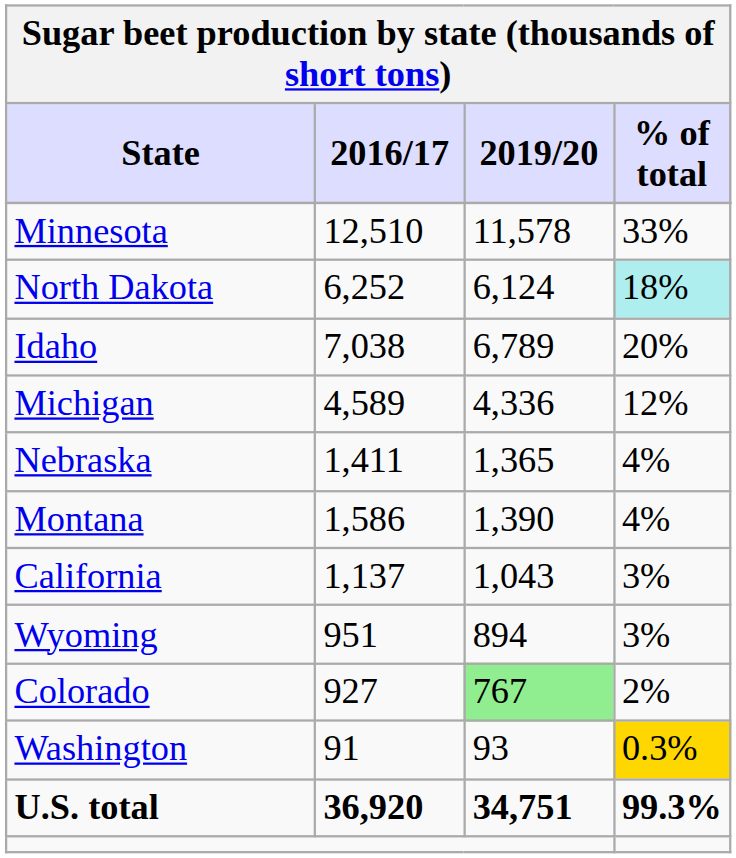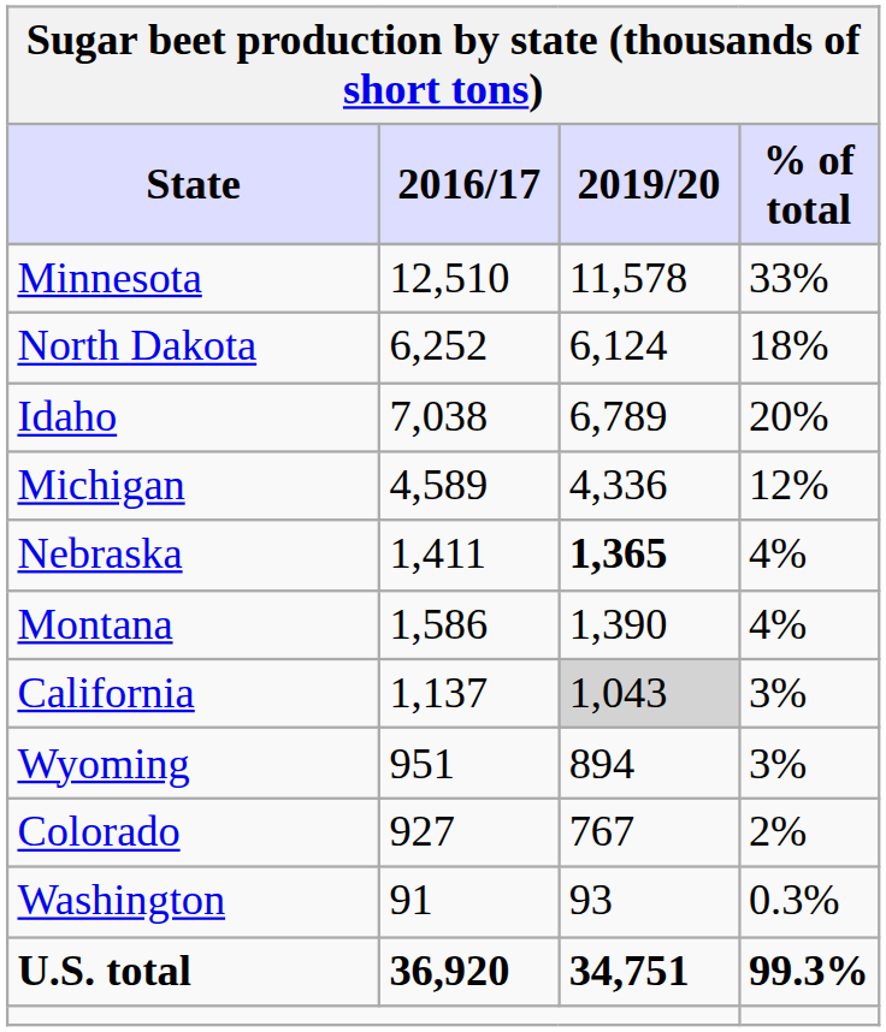 <table class="wikitable sortable"  style="float:right; clear:left; width:20em;">
 <tr>
 <th colspan=4>Sugar beet production by state (thousands of <a href='#'>short tons</a>)</th>
 </tr>
 <tr>
 <th style="background:#ddf; width:55%;">State</th>
 <th style="background:#ddf; width:22%;">2016/17</th>
 <th style="background:#ddf; width:22%;">2019/20</th>
 <th style="background:#ddf; width:11%;">% of total</th>
 </tr>
 <tr>
 </tr>
 <tr>
 <td><a href='#'>Minnesota</a></td>
 <td>12,510</td>
 <td>11,578</td>
 <td>33%</td>
 </tr>
 <tr>
 <td><a href='#'>North Dakota</a></td>
 <td>6,252</td>
 <td>6,124</td>
-<td style="background: paleturquoise;">18%</td>
+<td>18%</td>
 </tr>
 <tr>
 <td><a href='#'>Idaho</a></td>
 <td>7,038</td>
 <td>6,789</td>
 <td>20%</td>
 </tr>
 <tr>
 <td><a href='#'>Michigan</a></td>
 <td>4,589</td>
 <td>4,336</td>
 <td>12%</td>
 </tr>
 <tr>
 <td><a href='#'>Nebraska</a></td>
 <td>1,411</td>
-<td>1,365</td>
+<td><strong>1,365</strong></td>
 <td>4%</td>
 </tr>
 <tr>
 <td><a href='#'>Montana</a></td>
 <td>1,586</td>
 <td>1,390</td>
 <td>4%</td>
 </tr>
 <tr>
 <td><a href='#'>California</a></td>
 <td>1,137</td>
-<td>1,043</td>
+<td style="background: lightgrey;">1,043</td>
 <td>3%</td>
 </tr>
 <tr>
 <td><a href='#'>Wyoming</a></td>
 <td>951</td>
 <td>894</td>
 <td>3%</td>
 </tr>
 <tr>
 <td><a href='#'>Colorado</a></td>
 <td>927</td>
-<td style="background: lightgreen;">767</td>
+<td>767</td>
 <td>2%</td>
 </tr>
 <tr>
 <td><a href='#'>Washington</a></td>
 <td>91</td>
 <td>93</td>
-<td style="background: gold;">0.3%</td>
+<td>0.3%</td>
 </tr>
 <tr>
 <td><strong> U.S. total </strong></td>
 <td><strong>36,920</strong></td>
 <td><strong>34,751</strong></td>
 <td><strong>99.3%</strong></td>
 </tr>
 <tr>
 <td colspan=3></td>
 </tr>
 </table>
